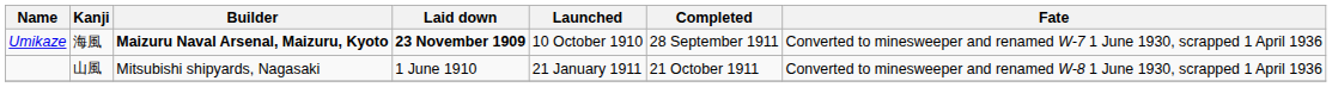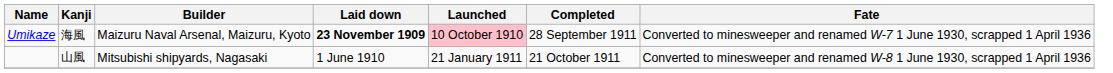 <table class="wikitable" style="font-size:90%;">
 <tr>
 <th>Name</th>
 <th>Kanji</th>
 <th>Builder</th>
 <th>Laid down</th>
 <th>Launched</th>
 <th>Completed</th>
 <th>Fate</th>
 </tr>
 <tr>
 <td><a href='#'><em>Umikaze</em></a></td>
 <td>海風</td>
-<td><strong>Maizuru Naval Arsenal, Maizuru, Kyoto</strong></td>
+<td>Maizuru Naval Arsenal, Maizuru, Kyoto</td>
 <td><strong>23 November 1909</strong></td>
-<td>10 October 1910</td>
+<td style="background: pink;">10 October 1910</td>
 <td>28 September 1911</td>
 <td>Converted to minesweeper and renamed <em>W-7</em> 1 June 1930, scrapped 1 April 1936</td>
 </tr>
 <tr>
 <td></td>
 <td>山風</td>
 <td>Mitsubishi shipyards, Nagasaki</td>
 <td>1 June 1910</td>
 <td>21 January 1911</td>
 <td>21 October 1911</td>
 <td>Converted to minesweeper and renamed <em>W-8</em> 1 June 1930, scrapped 1 April 1936</td>
 </tr>
 <tr>
 </tr>
 </table>
